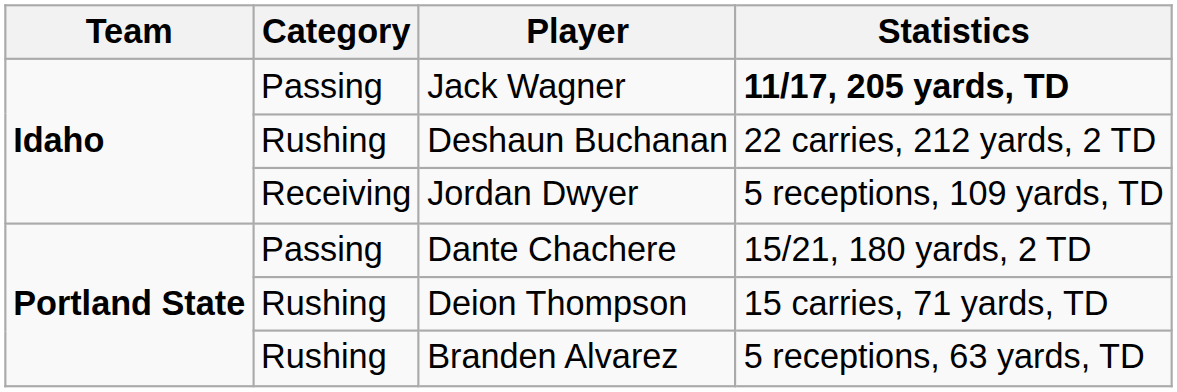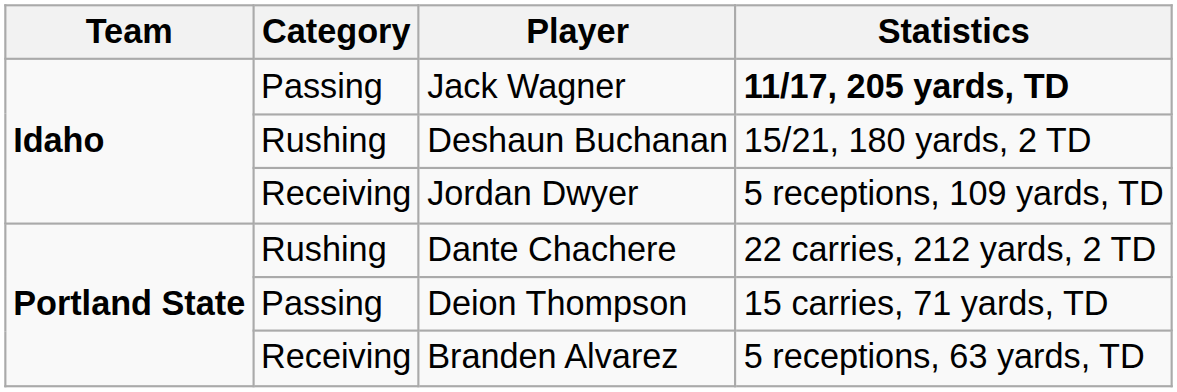 <table class="wikitable" style="float: right;">
 <tr>
 <th>Team</th>
 <th>Category</th>
 <th>Player</th>
 <th>Statistics</th>
 </tr>
 <tr>
 <td rowspan=3><strong>Idaho</strong></td>
 <td>Passing</td>
 <td>Jack Wagner</td>
 <td><strong>11/17, 205 yards, TD</strong></td>
 </tr>
 <tr>
 <td>Rushing</td>
 <td>Deshaun Buchanan</td>
-<td>22 carries, 212 yards, 2 TD</td>
+<td>15/21, 180 yards, 2 TD</td>
 </tr>
 <tr>
 <td>Receiving</td>
 <td>Jordan Dwyer</td>
 <td>5 receptions, 109 yards, TD</td>
 </tr>
 <tr>
 <td rowspan=3><strong>Portland State</strong></td>
-<td>Passing</td>
+<td>Rushing</td>
 <td>Dante Chachere</td>
-<td>15/21, 180 yards, 2 TD</td>
+<td>22 carries, 212 yards, 2 TD</td>
 </tr>
 <tr>
-<td>Rushing</td>
+<td>Passing</td>
 <td>Deion Thompson</td>
 <td>15 carries, 71 yards, TD</td>
 </tr>
 <tr>
-<td>Rushing</td>
+<td>Receiving</td>
 <td>Branden Alvarez</td>
 <td>5 receptions, 63 yards, TD</td>
 </tr>
 </table>
